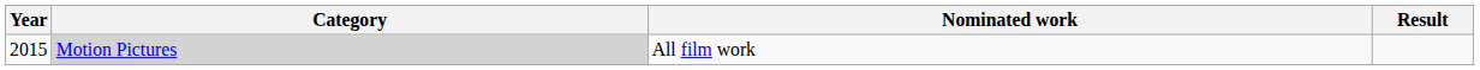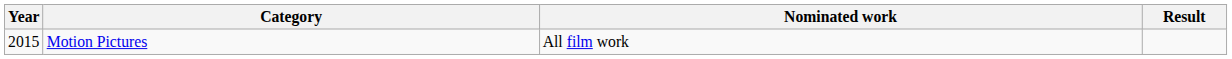 <table class=wikitable>
 <tr>
 <th scope="col" style="width:1em;">Year</th>
 <th scope="col" style="width:32em;">Category</th>
 <th scope="col" style="width:39em;">Nominated work</th>
 <th scope="col" style="width:5em;">Result</th>
 </tr>
 <tr>
 <td>2015</td>
-<td style="background: lightgrey;"><a href='#'>Motion Pictures</a></td>
+<td><a href='#'>Motion Pictures</a></td>
 <td>All <a href='#'>film</a> work</td>
 <td></td>
 </tr>
 </table>
